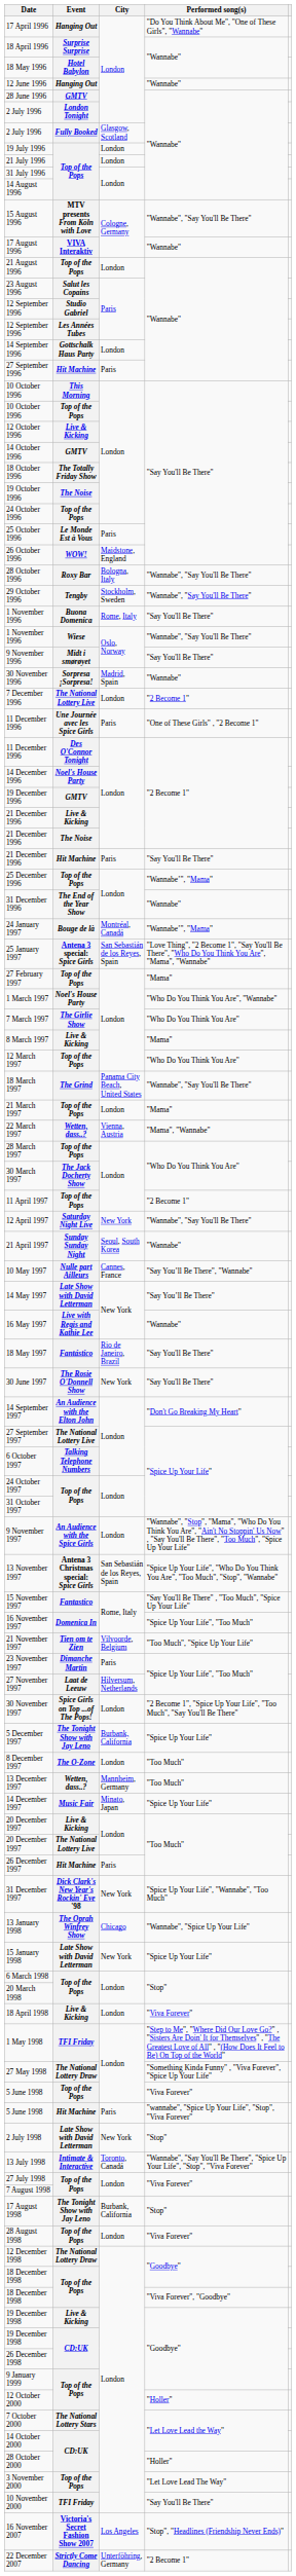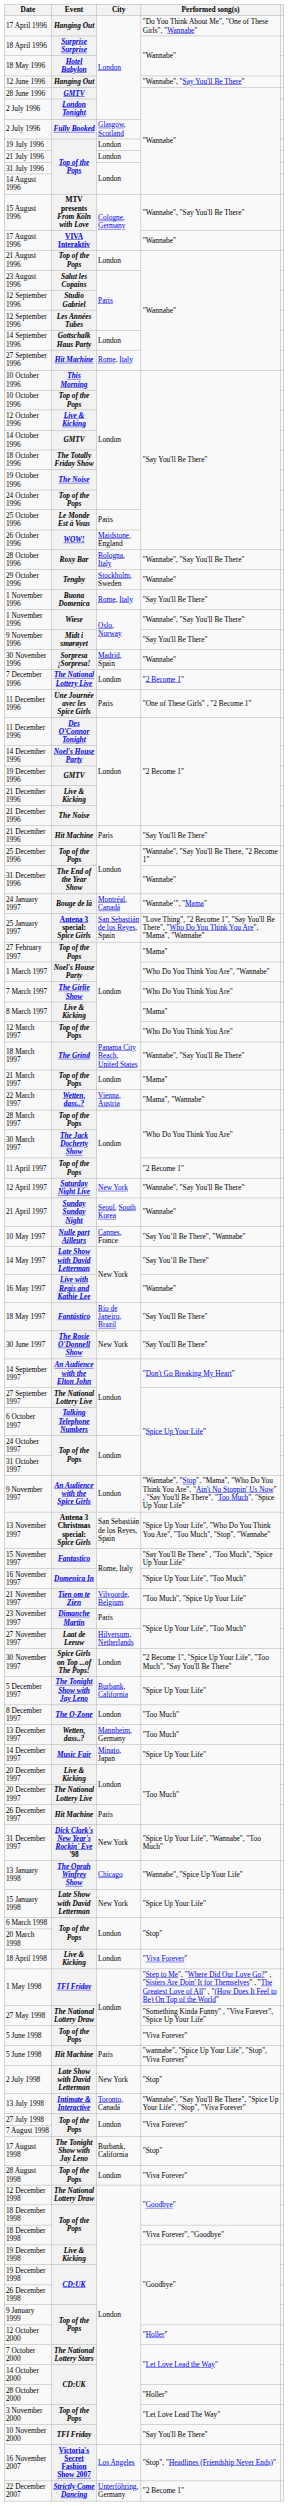 <table class="wikitable sortable plainrowheaders">
 <tr>
 <th style="width:17%;">Date</th>
 <th style="width:16%;">Event</th>
 <th style="width:16%;">City</th>
 <th>Performed song(s)</th>
 <th scope="col" class="unsortable"></th>
 </tr>
 <tr>
 <td>17 April 1996</td>
 <th scope="row"><em>Hanging Out</em></th>
 <td rowspan="6"><a href='#'>London</a></td>
 <td>"Do You Think About Me", "One of These Girls", "<a href='#'>Wannabe</a>" </td>
 <td style="text-align:center;"></td>
 </tr>
 <tr>
 <td>18 April 1996</td>
 <th scope="row"><em><a href='#'>Surprise Surprise</a></em></th>
 <td rowspan="2">"Wannabe"</td>
 <td style="text-align:center;"></td>
 </tr>
 <tr>
 <td>18 May 1996</td>
 <th scope="row"><em><a href='#'>Hotel Babylon</a></em></th>
 <td style="text-align:center;"></td>
 </tr>
 <tr>
 <td>12 June 1996</td>
 <th scope="row"><em>Hanging Out</em></th>
-<td>"Wannabe"</td>
+<td>"Wannabe", "<a href='#'>Say You'll Be There</a>"</td>
 <td style="text-align:center;"></td>
 </tr>
 <tr>
 <td>28 June 1996</td>
 <th scope="row"><em><a href='#'>GMTV</a></em></th>
 <td rowspan="7">"Wannabe"</td>
 <td style="text-align:center;"></td>
 </tr>
 <tr>
 <td>2 July 1996</td>
 <th scope="row"><em><a href='#'>London Tonight</a></em></th>
 <td style="text-align:center;"></td>
 </tr>
 <tr>
 <td>2 July 1996</td>
 <th scope="row"><em><a href='#'>Fully Booked</a></em></th>
 <td><a href='#'>Glasgow</a>, <a href='#'>Scotland</a></td>
 <td style="text-align:center;"></td>
 </tr>
 <tr>
 <td>19 July 1996</td>
 <th scope="row" rowspan="4"><em><a href='#'>Top of the Pops</a></em></th>
 <td>London</td>
 <td style="text-align:center;"></td>
 </tr>
 <tr>
 <td>21 July 1996</td>
 <td>London</td>
 <td style="text-align:center;"></td>
 </tr>
 <tr>
 <td>31 July 1996</td>
 <td rowspan="2">London</td>
 <td style="text-align:center;"></td>
 </tr>
 <tr>
 <td>14 August 1996</td>
 <td style="text-align:center;"></td>
 </tr>
 <tr>
 <td>15 August 1996</td>
 <th scope="row">MTV presents <em>From Köln with Love</em></th>
 <td rowspan="2"><a href='#'>Cologne</a>, <a href='#'>Germany</a></td>
 <td>"Wannabe", "Say You'll Be There"</td>
 <td style="text-align:center;"></td>
 </tr>
 <tr>
 <td>17 August 1996</td>
 <th scope="row"><a href='#'>VIVA Interaktiv</a></th>
 <td>"Wannabe" </td>
 <td style="text-align:center;"></td>
 </tr>
 <tr>
 <td>21 August 1996</td>
 <th scope="row"><em>Top of the Pops</em></th>
 <td>London</td>
 <td rowspan="6">"Wannabe"</td>
 <td style="text-align:center;"></td>
 </tr>
 <tr>
 <td>23 August 1996</td>
 <th scope="row"><em>Salut les Copains</em></th>
 <td rowspan="3"><a href='#'>Paris</a></td>
 <td style="text-align:center;"></td>
 </tr>
 <tr>
 <td>12 September 1996</td>
 <th scope="row"><em>Studio Gabriel</em></th>
 <td style="text-align:center;"></td>
 </tr>
 <tr>
 <td>12 September 1996</td>
 <th scope="row"><em>Les Années Tubes</em></th>
 <td style="text-align:center;"></td>
 </tr>
 <tr>
 <td>14 September 1996</td>
 <th scope="row"><em>Gottschalk Haus Party</em></th>
 <td>London</td>
 <td style="text-align:center;"></td>
 </tr>
 <tr>
 <td>27 September 1996</td>
 <th scope="row"><em><a href='#'>Hit Machine</a></em></th>
-<td>Paris</td>
+<td><a href='#'>Rome</a>, <a href='#'>Italy</a></td>
 <td style="text-align:center;"></td>
 </tr>
 <tr>
 <td>10 October 1996</td>
 <th scope="row"><em><a href='#'>This Morning</a></em></th>
 <td rowspan="7">London</td>
 <td rowspan="9">"Say You'll Be There"</td>
 <td style="text-align:center;"></td>
 </tr>
 <tr>
 <td>10 October 1996</td>
 <th scope="row"><em>Top of the Pops</em></th>
 <td style="text-align:center;"></td>
 </tr>
 <tr>
 <td>12 October 1996</td>
 <th scope="row"><em><a href='#'>Live & Kicking</a></em></th>
 <td style="text-align:center;"></td>
 </tr>
 <tr>
 <td>14 October 1996</td>
 <th scope="row"><em>GMTV</em></th>
 <td style="text-align:center;"></td>
 </tr>
 <tr>
 <td>18 October 1996</td>
 <th scope="row"><em>The Totally Friday Show</em></th>
 <td style="text-align:center;"></td>
 </tr>
 <tr>
 <td>19 October 1996</td>
 <th scope="row"><em><a href='#'>The Noise</a></em></th>
 <td style="text-align:center;"></td>
 </tr>
 <tr>
 <td>24 October 1996</td>
 <th scope="row"><em>Top of the Pops</em></th>
 <td style="text-align:center;"></td>
 </tr>
 <tr>
 <td>25 October 1996</td>
 <th scope="row"><em>Le Monde Est à Vous</em></th>
 <td>Paris</td>
 <td style="text-align:center;"></td>
 </tr>
 <tr>
 <td>26 October 1996</td>
 <th scope="row"><em><a href='#'>WOW!</a></em></th>
 <td><a href='#'>Maidstone</a>, England</td>
 <td style="text-align:center;"></td>
 </tr>
 <tr>
 <td>28 October 1996</td>
 <th scope="row"><em>Roxy Bar</em></th>
 <td><a href='#'>Bologna</a>, <a href='#'>Italy</a></td>
 <td>"Wannabe", "Say You'll Be There"</td>
 <td style="text-align:center;"></td>
 </tr>
 <tr>
 <td>29 October 1996</td>
 <th scope="row"><em>Tengby</em></th>
 <td><a href='#'>Stockholm</a>, Sweden</td>
-<td>"Wannabe", "<a href='#'>Say You'll Be There</a>"</td>
+<td>"Wannabe"</td>
 <td style="text-align:center;"></td>
 </tr>
 <tr>
 <td>1 November 1996</td>
 <th scope="row"><em>Buona Domenica</em></th>
 <td><a href='#'>Rome</a>, <a href='#'>Italy</a></td>
 <td>"Say You'll Be There"</td>
 <td style="text-align:center;"></td>
 </tr>
 <tr>
 <td>1 November 1996</td>
 <th scope="row"><em>Wiese</em></th>
 <td rowspan="2"><a href='#'>Oslo</a>, <a href='#'>Norway</a></td>
 <td>"Wannabe", "Say You'll Be There"</td>
 <td style="text-align:center;"></td>
 </tr>
 <tr>
 <td>9 November 1996</td>
 <th scope="row"><em>Midt i smørøyet</em></th>
 <td>"Say You'll Be There"</td>
 <td style="text-align:center;"></td>
 </tr>
 <tr>
 <td>30 November 1996</td>
 <th scope="row"><em>Sorpresa ¡Sorpresa!</em></th>
 <td><a href='#'>Madrid</a>, Spain</td>
 <td>"Wannabe"</td>
 <td style="text-align:center;"></td>
 </tr>
 <tr>
 <td>7 December 1996</td>
 <th scope="row"><em><a href='#'>The National Lottery Live</a></em></th>
 <td>London</td>
 <td>"<a href='#'>2 Become 1</a>"</td>
 <td style="text-align:center;"></td>
 </tr>
 <tr>
 <td>11 December 1996</td>
 <th scope="row"><em>Une Journée avec les Spice Girls</em></th>
 <td>Paris</td>
 <td>"One of These Girls" , "2 Become 1"</td>
 <td style="text-align:center;"></td>
 </tr>
 <tr>
 <td>11 December 1996</td>
 <th scope="row"><em><a href='#'>Des O'Connor Tonight</a></em></th>
 <td rowspan="5">London</td>
 <td rowspan="5">"2 Become 1"</td>
 <td style="text-align:center;"></td>
 </tr>
 <tr>
 <td>14 December 1996</td>
 <th scope="row"><em><a href='#'>Noel's House Party</a></em></th>
 <td style="text-align:center;"></td>
 </tr>
 <tr>
 <td>19 December 1996</td>
 <th scope="row"><em>GMTV</em></th>
 <td style="text-align:center;"></td>
 </tr>
 <tr>
 <td>21 December 1996</td>
 <th scope="row"><em>Live & Kicking</em></th>
 <td style="text-align:center;"></td>
 </tr>
 <tr>
 <td>21 December 1996</td>
 <th scope="row"><em>The Noise</em></th>
 <td style="text-align:center;"></td>
 </tr>
 <tr>
 <td>21 December 1996</td>
 <th scope="row"><em>Hit Machine</em></th>
 <td>Paris</td>
 <td>"Say You'll Be There"</td>
 <td style="text-align:center;"></td>
 </tr>
 <tr>
 <td>25 December 1996</td>
 <th scope="row"><em>Top of the Pops</em></th>
 <td rowspan="2">London</td>
-<td>"Wannabe’", "<a href='#'>Mama</a>"</td>
+<td>"Wannabe", "Say You'll Be There, "2 Become 1"</td>
 <td style="text-align:center;"></td>
 </tr>
 <tr>
 <td>31 December 1996</td>
 <th scope="row"><em>The End of the Year Show</em></th>
 <td>"Wannabe"</td>
 <td style="text-align:center;"></td>
 </tr>
 <tr>
 <td>24 January 1997</td>
 <th scope="row"><em>Bouge de là</em></th>
 <td><a href='#'>Montréal</a>, <a href='#'>Canadá</a></td>
 <td>"Wannabe’", "<a href='#'>Mama</a>"</td>
 <td style="text-align:center;"></td>
 </tr>
 <tr>
 <td>25 January 1997</td>
 <th scope="row"><a href='#'>Antena 3</a> special: <em>Spice Girls</em></th>
 <td><a href='#'>San Sebastián de los Reyes</a>, Spain</td>
 <td>"Love Thing", "2 Become 1", "Say You'll Be There", "<a href='#'>Who Do You Think You Are</a>", "Mama", "Wannabe"</td>
 <td style="text-align:center;"></td>
 </tr>
 <tr>
 <td>27 February 1997</td>
 <th scope="row"><em>Top of the Pops</em></th>
 <td rowspan="5">London</td>
 <td>"Mama"</td>
 <td style="text-align:center;"></td>
 </tr>
 <tr>
 <td>1 March 1997</td>
 <th scope="row"><em>Noel's House Party</em></th>
 <td>"Who Do You Think You Are", "Wannabe"</td>
 <td style="text-align:center;"></td>
 </tr>
 <tr>
 <td>7 March 1997</td>
 <th scope="row"><em><a href='#'>The Girlie Show</a></em></th>
 <td>"Who Do You Think You Are"</td>
 <td style="text-align:center;"></td>
 </tr>
 <tr>
 <td>8 March 1997</td>
 <th scope="row"><em>Live & Kicking</em></th>
 <td>"Mama"</td>
 <td style="text-align:center;"></td>
 </tr>
 <tr>
 <td>12 March 1997</td>
 <th scope="row"><em>Top of the Pops</em></th>
 <td>"Who Do You Think You Are"</td>
 <td style="text-align:center;"></td>
 </tr>
 <tr>
 <td>18 March 1997</td>
 <th scope="row"><em><a href='#'>The Grind</a></em></th>
 <td><a href='#'>Panama City Beach</a>, <a href='#'>United States</a></td>
 <td>"Wannabe", "Say You'll Be There"</td>
 <td style="text-align:center;"></td>
 </tr>
 <tr>
 <td>21 March 1997</td>
 <th scope="row"><em>Top of the Pops</em></th>
 <td>London</td>
 <td>"Mama"</td>
 <td style="text-align:center;"></td>
 </tr>
 <tr>
 <td>22 March 1997</td>
 <th scope="row"><em><a href='#'>Wetten, dass..?</a></em></th>
 <td><a href='#'>Vienna</a>, <a href='#'>Austria</a></td>
 <td>"Mama", "Wannabe" </td>
 <td style="text-align:center;"></td>
 </tr>
 <tr>
 <td>28 March 1997</td>
 <th scope="row"><em>Top of the Pops</em></th>
 <td rowspan="3">London</td>
 <td rowspan="2">"Who Do You Think You Are"</td>
 <td style="text-align:center;"></td>
 </tr>
 <tr>
 <td>30 March 1997</td>
 <th scope="row"><em><a href='#'>The Jack Docherty Show</a></em></th>
 <td style="text-align:center;"></td>
 </tr>
 <tr>
 <td>11 April 1997</td>
 <th scope="row"><em>Top of the Pops</em></th>
 <td>"2 Become 1"</td>
 <td style="text-align:center;"></td>
 </tr>
 <tr>
 <td>12 April 1997</td>
 <th scope="row"><em><a href='#'>Saturday Night Live</a></em></th>
 <td><a href='#'>New York</a></td>
 <td>"Wannabe", "Say You'll Be There"</td>
 <td style="text-align:center;"></td>
 </tr>
 <tr>
 <td>21 April 1997</td>
 <th scope="row"><em><a href='#'>Sunday Sunday Night</a></em></th>
 <td><a href='#'>Seoul</a>, <a href='#'>South Korea</a></td>
 <td>"Wannabe"</td>
 <td style="text-align:center;"></td>
 </tr>
 <tr>
 <td>10 May 1997</td>
 <th scope="row"><em><a href='#'>Nulle part Ailleurs</a></em></th>
 <td><a href='#'>Cannes</a>, France</td>
 <td>"Say You’ll Be There", "Wannabe"</td>
 <td style="text-align:center;"></td>
 </tr>
 <tr>
 <td>14 May 1997</td>
 <th scope="row"><em><a href='#'>Late Show with David Letterman</a></em></th>
 <td rowspan="2">New York</td>
 <td>"Say You’ll Be There"</td>
 <td style="text-align:center;"></td>
 </tr>
 <tr>
 <td>16 May 1997</td>
 <th scope="row"><em><a href='#'>Live with Regis and Kathie Lee</a></em></th>
 <td>"Wannabe"</td>
 <td style="text-align:center;"></td>
 </tr>
 <tr>
 <td>18 May 1997</td>
 <th scope="row"><em><a href='#'>Fantástico</a></em></th>
 <td><a href='#'>Rio de Janeiro</a>, <a href='#'>Brazil</a></td>
 <td>"Say You'll Be There" </td>
 <td style="text-align:center;"></td>
 </tr>
 <tr>
 <td>30 June 1997</td>
 <th scope="row"><em><a href='#'>The Rosie O'Donnell Show</a></em></th>
 <td>New York</td>
 <td>"Say You'll Be There"</td>
 <td style="text-align:center;"></td>
 </tr>
 <tr>
 <td>14 September 1997</td>
 <th scope="row"><em><a href='#'>An Audience with the Elton John</a></em></th>
 <td rowspan="3">London</td>
 <td>"<a href='#'>Don't Go Breaking My Heart</a>" </td>
 <td style="text-align:center;"></td>
 </tr>
 <tr>
 <td>27 September 1997</td>
 <th scope="row"><em>The National Lottery Live</em></th>
 <td rowspan="4">"<a href='#'>Spice Up Your Life</a>"</td>
 <td style="text-align:center;"></td>
 </tr>
 <tr>
 <td>6 October 1997</td>
 <th scope="row"><em><a href='#'>Talking Telephone Numbers</a></em></th>
 <td style="text-align:center;"></td>
 </tr>
 <tr>
 <td>24 October 1997</td>
 <th scope="row" rowspan="2"><em>Top of the Pops</em></th>
 <td rowspan="2">London</td>
 <td style="text-align:center;"></td>
 </tr>
 <tr>
 <td>31 October 1997</td>
 <td style="text-align:center;"></td>
 </tr>
 <tr>
 <td>9 November 1997</td>
 <th scope="row"><em><a href='#'>An Audience with the Spice Girls</a></em></th>
 <td>London</td>
 <td>"Wannabe", "<a href='#'>Stop</a>", "Mama", "Who Do You Think You Are", "<a href='#'>Ain't No Stoppin' Us Now</a>" , "Say You'll Be There", "<a href='#'>Too Much</a>", "Spice Up Your Life"</td>
 <td style="text-align:center;"></td>
 </tr>
 <tr>
 <td>13 November 1997</td>
 <th scope="row">Antena 3 Christmas special: <em>Spice Girls</em></th>
 <td>San Sebastián de los Reyes, Spain</td>
 <td>"Spice Up Your Life", "Who Do You Think You Are", "Too Much", "Stop", "Wannabe"</td>
 <td style="text-align:center;"></td>
 </tr>
 <tr>
 <td>15 November 1997</td>
 <th scope="row"><em><a href='#'>Fantastico</a></em></th>
 <td rowspan="2">Rome, Italy</td>
 <td>"Say You'll Be There" , "Too Much", "Spice Up Your Life"</td>
 <td style="text-align:center;"></td>
 </tr>
 <tr>
 <td>16 November 1997</td>
 <th scope="row"><em><a href='#'>Domenica In</a></em></th>
 <td>"Spice Up Your Life", "Too Much"</td>
 <td style="text-align:center;"></td>
 </tr>
 <tr>
 <td>21 November 1997</td>
 <th scope="row"><em><a href='#'>Tien om te Zien</a></em></th>
 <td><a href='#'>Vilvoorde</a>, <a href='#'>Belgium</a></td>
 <td>"Too Much", "Spice Up Your Life"</td>
 <td style="text-align:center;"></td>
 </tr>
 <tr>
 <td>23 November 1997</td>
 <th scope="row"><em><a href='#'>Dimanche Martin</a></em></th>
 <td>Paris</td>
 <td rowspan="2">"Spice Up Your Life", "Too Much"</td>
 <td style="text-align:center;"></td>
 </tr>
 <tr>
 <td>27 November 1997</td>
 <th scope="row"><em>Laat de Leeuw</em></th>
 <td><a href='#'>Hilversum</a>, <a href='#'>Netherlands</a></td>
 <td style="text-align:center;"></td>
 </tr>
 <tr>
 <td>30 November 1997</td>
 <th scope="row"><em>Spice Girls on Top ...of The Pops!</em></th>
 <td>London</td>
 <td>"2 Become 1", "Spice Up Your Life", "Too Much", "Say You'll Be There" </td>
 <td style="text-align:center;"></td>
 </tr>
 <tr>
 <td>5 December 1997</td>
 <th scope="row"><em><a href='#'>The Tonight Show with Jay Leno</a></em></th>
 <td><a href='#'>Burbank, California</a></td>
 <td>"Spice Up Your Life"</td>
 <td style="text-align:center;"></td>
 </tr>
 <tr>
 <td>8 December 1997</td>
 <th scope="row"><em><a href='#'>The O-Zone</a></em></th>
 <td>London</td>
 <td>"Too Much" </td>
 <td style="text-align:center;"></td>
 </tr>
 <tr>
 <td>13 December 1997</td>
 <th scope="row"><em>Wetten, dass..?</em></th>
 <td><a href='#'>Mannheim</a>, Germany</td>
 <td>"Too Much"</td>
 <td style="text-align:center;"></td>
 </tr>
 <tr>
 <td>14 December 1997</td>
 <th scope="row"><em><a href='#'>Music Fair</a></em></th>
 <td><a href='#'>Minato</a>, Japan</td>
 <td>"Spice Up Your Life"</td>
 <td style="text-align:center;"></td>
 </tr>
 <tr>
 <td>20 December 1997</td>
 <th scope="row"><em>Live & Kicking</em></th>
 <td rowspan="2">London</td>
 <td rowspan="3">"Too Much"</td>
 <td style="text-align:center;"></td>
 </tr>
 <tr>
 <td>20 December 1997</td>
 <th scope="row"><em>The National Lottery Live</em></th>
 <td style="text-align:center;"></td>
 </tr>
 <tr>
 <td>26 December 1997</td>
 <th scope="row"><em>Hit Machine</em></th>
 <td>Paris</td>
 <td style="text-align:center;"></td>
 </tr>
 <tr>
 <td>31 December 1997</td>
 <th scope="row"><em><a href='#'>Dick Clark's New Year's Rockin' Eve</a></em> '98</th>
 <td>New York </td>
 <td>"Spice Up Your Life", "Wannabe", "Too Much"</td>
 <td style="text-align:center;"></td>
 </tr>
 <tr>
 <td>13 January 1998</td>
 <th scope="row"><em><a href='#'>The Oprah Winfrey Show</a></em></th>
 <td><a href='#'>Chicago</a></td>
 <td>"Wannabe", "Spice Up Your Life"</td>
 <td style="text-align:center;"></td>
 </tr>
 <tr>
 <td>15 January 1998</td>
 <th scope="row"><em>Late Show with David Letterman</em></th>
 <td>New York</td>
 <td>"Spice Up Your Life"</td>
 <td style="text-align:center;"></td>
 </tr>
 <tr>
 <td>6 March 1998</td>
 <th scope="row" rowspan="2"><em>Top of the Pops</em></th>
 <td rowspan="2">London</td>
 <td rowspan="2">"Stop"</td>
 <td style="text-align:center;" rowspan="2"></td>
 </tr>
 <tr>
 <td>20 March 1998</td>
 </tr>
 <tr>
 <td>18 April 1998</td>
 <th scope="row"><em>Live & Kicking</em></th>
 <td>London</td>
 <td>"<a href='#'>Viva Forever</a>"</td>
 <td style="text-align:center;"></td>
 </tr>
 <tr>
 <td>1 May 1998</td>
 <th scope="row"><em><a href='#'>TFI Friday</a></em></th>
 <td rowspan="3">London</td>
 <td>"<a href='#'>Step to Me</a>", "<a href='#'>Where Did Our Love Go?</a>" , "<a href='#'>Sisters Are Doin' It for Themselves</a>" , "<a href='#'>The Greatest Love of All</a>" , "<a href='#'>(How Does It Feel to Be) On Top of the World</a>" </td>
 <td style="text-align:center;"></td>
 </tr>
 <tr>
 <td>27 May 1998</td>
 <th scope="row"><em>The National Lottery Draw</em></th>
 <td>"Something Kinda Funny" , "Viva Forever", "Spice Up Your Life"</td>
 <td style="text-align:center;"></td>
 </tr>
 <tr>
 <td>5 June 1998</td>
 <th scope="row"><em>Top of the Pops</em></th>
 <td>"Viva Forever"</td>
 <td style="text-align:center;"></td>
 </tr>
 <tr>
 <td>5 June 1998</td>
 <th scope="row"><em>Hit Machine</em></th>
 <td>Paris</td>
 <td>"wannabe", "Spice Up Your Life", "Stop", "Viva Forever"</td>
 <td style="text-align:center;"></td>
 </tr>
 <tr>
 <td>2 July 1998</td>
 <th scope="row"><em>Late Show with David Letterman</em></th>
 <td>New York</td>
 <td>"Stop"</td>
 <td style="text-align:center;"></td>
 </tr>
 <tr>
 <td>13 July 1998</td>
 <th scope="row"><em><a href='#'>Intimate & Interactive</a></em></th>
 <td><a href='#'>Toronto</a>, Canadá</td>
 <td>"Wannabe", "Say You'll Be There", "Spice Up Your Life", "Stop", "Viva Forever"</td>
 <td style="text-align:center;"></td>
 </tr>
 <tr>
 <td>27 July 1998</td>
 <th scope="row" rowspan="2"><em>Top of the Pops</em></th>
 <td rowspan="2">London</td>
 <td rowspan="2">"Viva Forever"</td>
 <td style="text-align:center;" rowspan="2"></td>
 </tr>
 <tr>
 <td>7 August 1998</td>
 </tr>
 <tr>
 <td>17 August 1998</td>
 <th scope="row"><em>The Tonight Show with Jay Leno</em></th>
 <td>Burbank, California</td>
 <td>"Stop"</td>
 <td style="text-align:center;"></td>
 </tr>
 <tr>
 <td>28 August 1998</td>
 <th scope="row"><em>Top of the Pops</em></th>
 <td>London</td>
 <td>"Viva Forever"</td>
 <td style="text-align:center;"></td>
 </tr>
 <tr>
 <td>12 December 1998</td>
 <th scope="row"><em>The National Lottery Draw</em></th>
 <td rowspan="13">London</td>
 <td rowspan="2">"<a href='#'>Goodbye</a>"</td>
 <td style="text-align:center;"></td>
 </tr>
 <tr>
 <td>18 December 1998</td>
 <th scope="row" rowspan="2"><em>Top of the Pops</em></th>
 <td style="text-align:center;"></td>
 </tr>
 <tr>
 <td>18 December 1998</td>
 <td>"Viva Forever", "Goodbye"</td>
 <td style="text-align:center;"></td>
 </tr>
 <tr>
 <td>19 December 1998</td>
 <th scope="row"><em>Live & Kicking</em></th>
 <td rowspan="4">"Goodbye"</td>
 <td style="text-align:center;"></td>
 </tr>
 <tr>
 <td>19 December 1998</td>
 <th scope="row" rowspan="2"><em><a href='#'>CD:UK</a></em></th>
 <td style="text-align:center;"></td>
 </tr>
 <tr>
 <td>26 December 1998</td>
 <td style="text-align:center;"></td>
 </tr>
 <tr>
 <td>9 January 1999</td>
 <th scope="row" rowspan="2"><em>Top of the Pops</em></th>
 <td style="text-align:center;"></td>
 </tr>
 <tr>
 <td>12 October 2000</td>
 <td>"<a href='#'>Holler</a>"</td>
 <td style="text-align:center;"></td>
 </tr>
 <tr>
 <td>7 October 2000</td>
 <th scope="row"><em>The National Lottery Stars</em></th>
 <td rowspan="2">"<a href='#'>Let Love Lead the Way</a>"</td>
 <td style="text-align:center;"></td>
 </tr>
 <tr>
 <td>14 October 2000</td>
 <th scope="row" rowspan="2"><em>CD:UK</em></th>
 <td style="text-align:center;"></td>
 </tr>
 <tr>
 <td>28 October 2000</td>
 <td>"Holler"</td>
 <td style="text-align:center;"></td>
 </tr>
 <tr>
 <td>3 November 2000</td>
 <th scope="row"><em>Top of the Pops</em></th>
 <td>"Let Love Lead The Way"</td>
 <td style="text-align:center;"></td>
 </tr>
 <tr>
 <td>10 November 2000</td>
 <th scope="row"><em>TFI Friday</em></th>
 <td>"Say You'll Be There" </td>
 <td style="text-align:center;"></td>
 </tr>
 <tr>
 <td>16 November 2007</td>
 <th scope="row"><a href='#'>Victoria's Secret Fashion Show 2007</a></th>
 <td><a href='#'>Los Angeles</a></td>
 <td>"Stop", "<a href='#'>Headlines (Friendship Never Ends)</a>"</td>
 <td style="text-align:center;"></td>
 </tr>
 <tr>
 <td>22 December 2007</td>
 <th scope="row"><em><a href='#'>Strictly Come Dancing</a></em></th>
 <td><a href='#'>Unterföhring</a>, Germany</td>
 <td>"2 Become 1"</td>
 <td style="text-align:center;"></td>
 </tr>
 </table>
